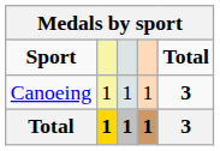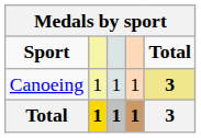 <table class="wikitable" style="font-size:85%; text-align:center;">
 <tr style="background:#efefef;">
 <th colspan=5><strong>Medals by sport</strong></th>
 </tr>
 <tr>
 <td><strong>Sport</strong></td>
 <td style="background:#f7f6a8;"></td>
 <td style="background:#dce5e5;"></td>
 <td style="background:#ffdab9;"></td>
 <td><strong>Total</strong></td>
 </tr>
 <tr>
 <td><a href='#'>Canoeing</a></td>
 <td style="background:#F7F6A8;">1</td>
 <td style="background:#DCE5E5;">1</td>
 <td style="background:#FFDAB9;">1</td>
-<td><strong>3</strong></td>
+<td style="background: khaki;"><strong>3</strong></td>
 </tr>
 <tr>
 <th>Total</th>
 <th style="background:gold;">1</th>
 <th style="background:silver;">1</th>
 <th style="background:#c96;">1</th>
 <th>3</th>
 </tr>
 </table>
